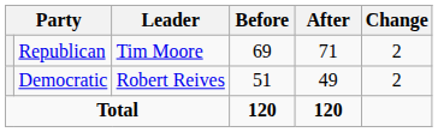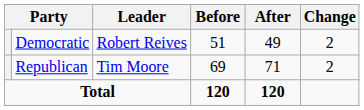 <table class="wikitable" style="text-align:center;">
 <tr>
 </tr>
 <tr>
 <th colspan=2>Party</th>
 <th>Leader</th>
 <th style="width:3em">Before</th>
 <th style="width:3em">After</th>
 <th style="width:3em">Change</th>
 </tr>
 <tr>
 <th style="background-color:"></th>
+<td style="text-align:left;"><a href='#'>Democratic</a></td>
+<td style="text-align:left;"><a href='#'>Robert Reives</a></td>
+<td>51</td>
+<td>49</td>
+<td>2</td>
+</tr>
+<tr>
+<th style="background-color:"></th>
 <td style="text-align:left;"><a href='#'>Republican</a></td>
 <td style="text-align:left;"><a href='#'>Tim Moore</a></td>
 <td>69</td>
 <td>71</td>
-<td>2</td>
-</tr>
-<tr>
-<th style="background-color:"></th>
-<td style="text-align:left;"><a href='#'>Democratic</a></td>
-<td style="text-align:left;"><a href='#'>Robert Reives</a></td>
-<td>51</td>
-<td>49</td>
 <td>2</td>
 </tr>
 <tr>
 <td colspan=3><strong>Total</strong></td>
 <td><strong>120</strong></td>
 <td><strong>120</strong></td>
 <td></td>
 </tr>
 </table>
